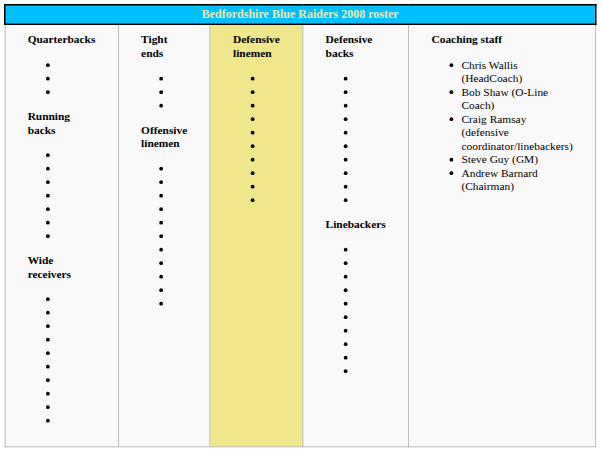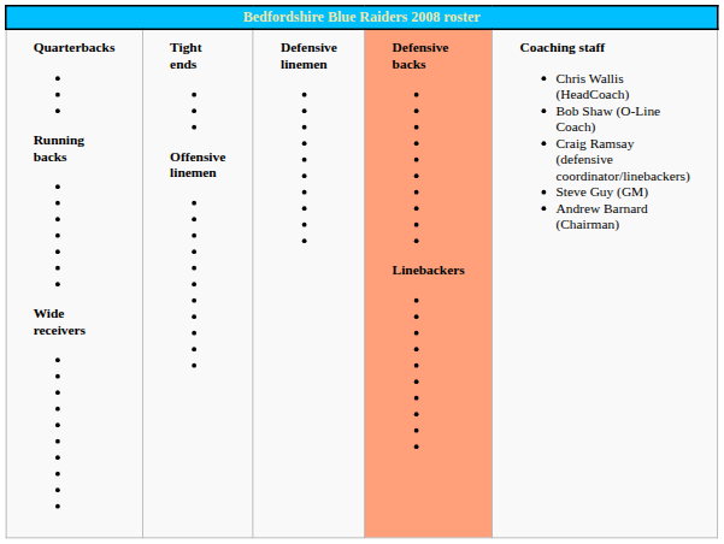 <table class="wikitable" style="text-align: left; width: 95%; border: solid black 1px;">
 <tr>
 <th colspan=10 style="background-color: #00BFFF; text-align: center; border: solid black 2px; color: #EEE8AA;">Bedfordshire Blue Raiders 2008 roster</th>
 </tr>
 <tr>
 <td style="font-size: 95%; padding: 10px 30px;" valign="top"><strong>Quarterbacks</strong><br><ul><li></li><li></li><li></li></ul><strong>Running backs</strong><ul><li></li><li></li><li></li><li></li><li></li><li></li><li></li></ul><strong>Wide receivers</strong><ul><li></li><li></li><li></li><li></li><li></li><li></li><li></li><li></li><li></li><li></li></ul></td>
 <td style="font-size: 95%; padding: 10px 30px;" valign="top"><strong>Tight ends</strong><br><ul><li></li><li></li><li></li></ul><strong>Offensive linemen</strong><ul><li></li><li></li><li></li><li></li><li></li><li></li><li></li><li></li><li></li><li></li><li></li></ul></td>
-<td style="background: khaki; font-size: 95%; padding: 10px 30px;" valign="top"><strong>Defensive linemen</strong><br><ul><li></li><li></li><li></li><li></li><li></li><li></li><li></li><li></li><li></li><li></li></ul></td>
-<td style="font-size: 95%; padding: 10px 30px;" valign="top"><strong>Defensive backs</strong><br><ul><li></li><li></li><li></li><li></li><li></li><li></li><li></li><li></li><li></li><li></li></ul><strong>Linebackers</strong><ul><li></li><li></li><li></li><li></li><li></li><li></li><li></li><li></li><li></li><li></li></ul></td>
+<td style="font-size: 95%; padding: 10px 30px;" valign="top"><strong>Defensive linemen</strong><br><ul><li></li><li></li><li></li><li></li><li></li><li></li><li></li><li></li><li></li><li></li></ul></td>
+<td style="background: lightsalmon; font-size: 95%; padding: 10px 30px;" valign="top"><strong>Defensive backs</strong><br><ul><li></li><li></li><li></li><li></li><li></li><li></li><li></li><li></li><li></li><li></li></ul><strong>Linebackers</strong><ul><li></li><li></li><li></li><li></li><li></li><li></li><li></li><li></li><li></li><li></li></ul></td>
 <td style="font-size: 95%; padding: 10px 30px;" valign="top"><strong>Coaching staff</strong><br><ul><li>Chris Wallis (HeadCoach)</li><li>Bob Shaw (O-Line Coach)</li><li>Craig Ramsay (defensive coordinator/linebackers)</li><li>Steve Guy (GM)</li><li>Andrew Barnard (Chairman)</li></ul></td>
 </tr>
 </table>
